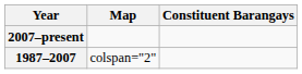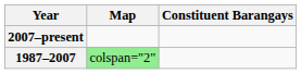 <table class="wikitable">
 <tr>
 <th>Year</th>
 <th>Map</th>
 <th>Constituent Barangays</th>
 </tr>
 <tr>
 <th>2007–present</th>
 <td></td>
 <td><br></td>
 </tr>
 <tr>
 <th>1987–2007</th>
-<td>colspan="2" </td>
+<td style="background: lightgreen;">colspan="2" </td>
 </tr>
 </table>
